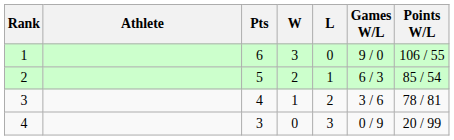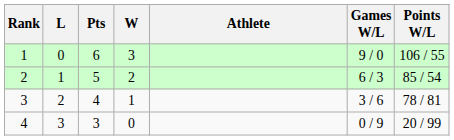 <table class="wikitable" style="text-align: center; font-size:90% ">
 <tr>
 <th width="20">Rank</th>
-<th width="200">Athlete</th>
+<th width="30">L</th>
 <th width="30">Pts</th>
 <th width="30">W</th>
-<th width="30">L</th>
+<th width="200">Athlete</th>
 <th width="40">Games<br>W/L</th>
 <th width="50">Points<br>W/L</th>
 </tr>
 <tr bgcolor=#ccffcc>
 <td>1</td>
-<td align=left></td>
+<td>0</td>
 <td>6</td>
 <td>3</td>
-<td>0</td>
+<td align=left></td>
 <td>9 / 0</td>
 <td>106 / 55</td>
 </tr>
 <tr bgcolor=#ccffcc>
 <td>2</td>
-<td align=left></td>
+<td>1</td>
 <td>5</td>
 <td>2</td>
-<td>1</td>
+<td align=left></td>
 <td>6 / 3</td>
 <td>85 / 54</td>
 </tr>
 <tr>
 <td>3</td>
-<td align=left></td>
+<td>2</td>
 <td>4</td>
 <td>1</td>
-<td>2</td>
+<td align=left></td>
 <td>3 / 6</td>
 <td>78 / 81</td>
 </tr>
 <tr>
 <td>4</td>
-<td align=left></td>
+<td>3</td>
 <td>3</td>
 <td>0</td>
-<td>3</td>
+<td align=left></td>
 <td>0 / 9</td>
 <td>20 / 99</td>
 </tr>
 </table>
